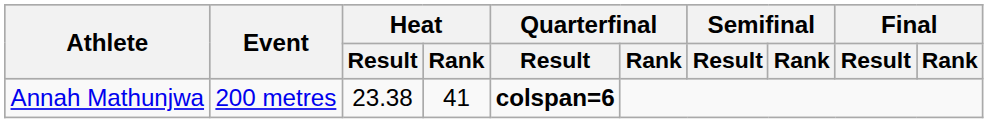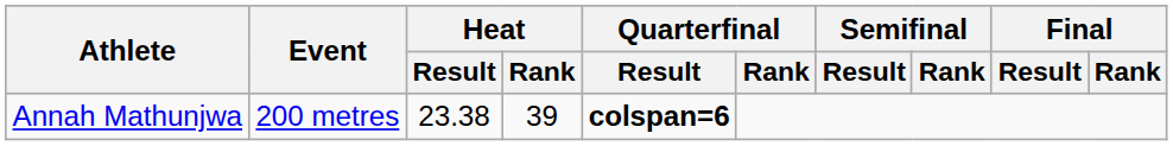 <table class=wikitable style=font-size:90%>
 <tr>
 <th rowspan=2>Athlete</th>
 <th rowspan=2>Event</th>
 <th colspan=2>Heat</th>
 <th colspan=2>Quarterfinal</th>
 <th colspan=2>Semifinal</th>
 <th colspan=2>Final</th>
 </tr>
 <tr style=font-size:95%>
 <th>Result</th>
 <th>Rank</th>
 <th>Result</th>
 <th>Rank</th>
 <th>Result</th>
 <th>Rank</th>
 <th>Result</th>
 <th>Rank</th>
 </tr>
 <tr align=center>
 <td align=left><a href='#'>Annah Mathunjwa</a></td>
 <td align=left><a href='#'>200 metres</a></td>
 <td>23.38</td>
-<td>41</td>
+<td>39</td>
 <td><strong>colspan=6 </strong></td>
 </tr>
 </table>
